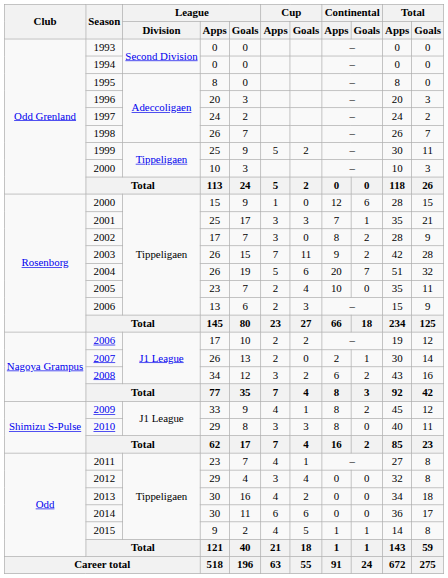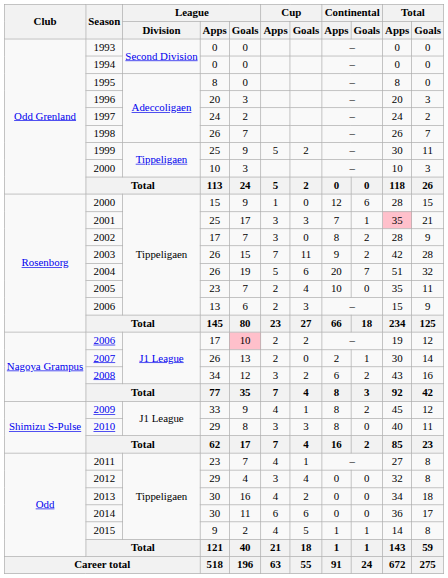 <table class="wikitable" style="text-align:center">
 <tr>
 <th rowspan="2">Club</th>
 <th rowspan="2">Season</th>
 <th colspan="3">League</th>
 <th colspan="2">Cup</th>
 <th colspan="2">Continental</th>
 <th colspan="2">Total</th>
 </tr>
 <tr>
 <th>Division</th>
 <th>Apps</th>
 <th>Goals</th>
 <th>Apps</th>
 <th>Goals</th>
 <th>Apps</th>
 <th>Goals</th>
 <th>Apps</th>
 <th>Goals</th>
 </tr>
 <tr>
 <td rowspan="9"><a href='#'>Odd Grenland</a></td>
 <td>1993</td>
 <td rowspan="2"><a href='#'>Second Division</a></td>
 <td>0</td>
 <td>0</td>
 <td></td>
 <td></td>
 <td colspan="2">–</td>
 <td>0</td>
 <td>0</td>
 </tr>
 <tr>
 <td>1994</td>
 <td>0</td>
 <td>0</td>
 <td></td>
 <td></td>
 <td colspan="2">–</td>
 <td>0</td>
 <td>0</td>
 </tr>
 <tr>
 <td>1995</td>
 <td rowspan="4"><a href='#'>Adeccoligaen</a></td>
 <td>8</td>
 <td>0</td>
 <td></td>
 <td></td>
 <td colspan="2">–</td>
 <td>8</td>
 <td>0</td>
 </tr>
 <tr>
 <td>1996</td>
 <td>20</td>
 <td>3</td>
 <td></td>
 <td></td>
 <td colspan="2">–</td>
 <td>20</td>
 <td>3</td>
 </tr>
 <tr>
 <td>1997</td>
 <td>24</td>
 <td>2</td>
 <td></td>
 <td></td>
 <td colspan="2">–</td>
 <td>24</td>
 <td>2</td>
 </tr>
 <tr>
 <td>1998</td>
 <td>26</td>
 <td>7</td>
 <td></td>
 <td></td>
 <td colspan="2">–</td>
 <td>26</td>
 <td>7</td>
 </tr>
 <tr>
 <td>1999</td>
 <td rowspan="2"><a href='#'>Tippeligaen</a></td>
 <td>25</td>
 <td>9</td>
 <td>5</td>
 <td>2</td>
 <td colspan="2">–</td>
 <td>30</td>
 <td>11</td>
 </tr>
 <tr>
 <td>2000</td>
 <td>10</td>
 <td>3</td>
 <td></td>
 <td></td>
 <td colspan="2">–</td>
 <td>10</td>
 <td>3</td>
 </tr>
 <tr>
 <th colspan="2">Total</th>
 <th>113</th>
 <th>24</th>
 <th>5</th>
 <th>2</th>
 <th>0</th>
 <th>0</th>
 <th>118</th>
 <th>26</th>
 </tr>
 <tr>
 <td rowspan="8"><a href='#'>Rosenborg</a></td>
 <td>2000</td>
 <td rowspan="7">Tippeligaen</td>
 <td>15</td>
 <td>9</td>
 <td>1</td>
 <td>0</td>
 <td>12</td>
 <td>6</td>
 <td>28</td>
 <td>15</td>
 </tr>
 <tr>
 <td>2001</td>
 <td>25</td>
 <td>17</td>
 <td>3</td>
 <td>3</td>
 <td>7</td>
 <td>1</td>
-<td>35</td>
+<td style="background: pink;">35</td>
 <td>21</td>
 </tr>
 <tr>
 <td>2002</td>
 <td>17</td>
 <td>7</td>
 <td>3</td>
 <td>0</td>
 <td>8</td>
 <td>2</td>
 <td>28</td>
 <td>9</td>
 </tr>
 <tr>
 <td>2003</td>
 <td>26</td>
 <td>15</td>
 <td>7</td>
 <td>11</td>
 <td>9</td>
 <td>2</td>
 <td>42</td>
 <td>28</td>
 </tr>
 <tr>
 <td>2004</td>
 <td>26</td>
 <td>19</td>
 <td>5</td>
 <td>6</td>
 <td>20</td>
 <td>7</td>
 <td>51</td>
 <td>32</td>
 </tr>
 <tr>
 <td>2005</td>
 <td>23</td>
 <td>7</td>
 <td>2</td>
 <td>4</td>
 <td>10</td>
 <td>0</td>
 <td>35</td>
 <td>11</td>
 </tr>
 <tr>
 <td>2006</td>
 <td>13</td>
 <td>6</td>
 <td>2</td>
 <td>3</td>
 <td colspan="2">–</td>
 <td>15</td>
 <td>9</td>
 </tr>
 <tr>
 <th colspan="2">Total</th>
 <th>145</th>
 <th>80</th>
 <th>23</th>
 <th>27</th>
 <th>66</th>
 <th>18</th>
 <th>234</th>
 <th>125</th>
 </tr>
 <tr>
 <td rowspan="4"><a href='#'>Nagoya Grampus</a></td>
 <td><a href='#'>2006</a></td>
 <td rowspan="3"><a href='#'>J1 League</a></td>
 <td>17</td>
-<td>10</td>
+<td style="background: pink;">10</td>
 <td>2</td>
 <td>2</td>
 <td colspan="2">–</td>
 <td>19</td>
 <td>12</td>
 </tr>
 <tr>
 <td><a href='#'>2007</a></td>
 <td>26</td>
 <td>13</td>
 <td>2</td>
 <td>0</td>
 <td>2</td>
 <td>1</td>
 <td>30</td>
 <td>14</td>
 </tr>
 <tr>
 <td><a href='#'>2008</a></td>
 <td>34</td>
 <td>12</td>
 <td>3</td>
 <td>2</td>
 <td>6</td>
 <td>2</td>
 <td>43</td>
 <td>16</td>
 </tr>
 <tr>
 <th colspan="2">Total</th>
 <th>77</th>
 <th>35</th>
 <th>7</th>
 <th>4</th>
 <th>8</th>
 <th>3</th>
 <th>92</th>
 <th>42</th>
 </tr>
 <tr>
 <td rowspan="3"><a href='#'>Shimizu S-Pulse</a></td>
 <td><a href='#'>2009</a></td>
 <td rowspan="2">J1 League</td>
 <td>33</td>
 <td>9</td>
 <td>4</td>
 <td>1</td>
 <td>8</td>
 <td>2</td>
 <td>45</td>
 <td>12</td>
 </tr>
 <tr>
 <td><a href='#'>2010</a></td>
 <td>29</td>
 <td>8</td>
 <td>3</td>
 <td>3</td>
 <td>8</td>
 <td>0</td>
 <td>40</td>
 <td>11</td>
 </tr>
 <tr>
 <th colspan="2">Total</th>
 <th>62</th>
 <th>17</th>
 <th>7</th>
 <th>4</th>
 <th>16</th>
 <th>2</th>
 <th>85</th>
 <th>23</th>
 </tr>
 <tr>
 <td rowspan="6"><a href='#'>Odd</a></td>
 <td>2011</td>
 <td rowspan="5">Tippeligaen</td>
 <td>23</td>
 <td>7</td>
 <td>4</td>
 <td>1</td>
 <td colspan="2">–</td>
 <td>27</td>
 <td>8</td>
 </tr>
 <tr>
 <td>2012</td>
 <td>29</td>
 <td>4</td>
 <td>3</td>
 <td>4</td>
 <td>0</td>
 <td>0</td>
 <td>32</td>
 <td>8</td>
 </tr>
 <tr>
 <td>2013</td>
 <td>30</td>
 <td>16</td>
 <td>4</td>
 <td>2</td>
 <td>0</td>
 <td>0</td>
 <td>34</td>
 <td>18</td>
 </tr>
 <tr>
 <td>2014</td>
 <td>30</td>
 <td>11</td>
 <td>6</td>
 <td>6</td>
 <td>0</td>
 <td>0</td>
 <td>36</td>
 <td>17</td>
 </tr>
 <tr>
 <td>2015</td>
 <td>9</td>
 <td>2</td>
 <td>4</td>
 <td>5</td>
 <td>1</td>
 <td>1</td>
 <td>14</td>
 <td>8</td>
 </tr>
 <tr>
 <th colspan="2">Total</th>
 <th>121</th>
 <th>40</th>
 <th>21</th>
 <th>18</th>
 <th>1</th>
 <th>1</th>
 <th>143</th>
 <th>59</th>
 </tr>
 <tr>
 <th colspan="3">Career total</th>
 <th>518</th>
 <th>196</th>
 <th>63</th>
 <th>55</th>
 <th>91</th>
 <th>24</th>
 <th>672</th>
 <th>275</th>
 </tr>
 </table>
